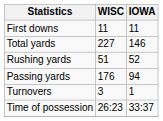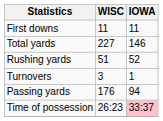 <table class="wikitable">
 <tr>
 <th>Statistics</th>
 <th>WISC</th>
 <th>IOWA</th>
 </tr>
 <tr>
 <td>First downs</td>
 <td>11</td>
 <td>11</td>
 </tr>
 <tr>
 <td>Total yards</td>
 <td>227</td>
 <td>146</td>
 </tr>
 <tr>
 <td>Rushing yards</td>
 <td>51</td>
 <td>52</td>
 </tr>
 <tr>
+<td>Turnovers</td>
+<td>3</td>
+<td>1</td>
+</tr>
+<tr>
 <td>Passing yards</td>
 <td>176</td>
 <td>94</td>
 </tr>
 <tr>
-<td>Turnovers</td>
-<td>3</td>
-<td>1</td>
-</tr>
-<tr>
 <td>Time of possession</td>
 <td>26:23</td>
-<td>33:37</td>
+<td style="background: pink;">33:37</td>
 </tr>
 <tr>
 </tr>
 </table>
